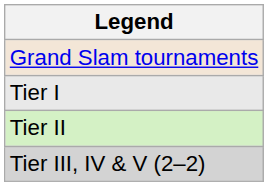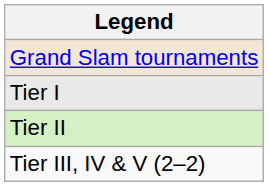 <table class="wikitable sortable mw-collapsible mw-collapsed">
 <tr>
 <th>Legend</th>
 </tr>
 <tr>
 <td bgcolor="#F3E6D7"><a href='#'>Grand Slam tournaments</a></td>
 </tr>
 <tr>
 <td bgcolor="#e9e9e9">Tier I</td>
 </tr>
 <tr>
 <td bgcolor="#d4f1c5">Tier II</td>
 </tr>
 <tr>
-<td style="background: lightgrey;">Tier III, IV & V (2–2)</td>
+<td>Tier III, IV & V (2–2)</td>
 </tr>
 </table>
